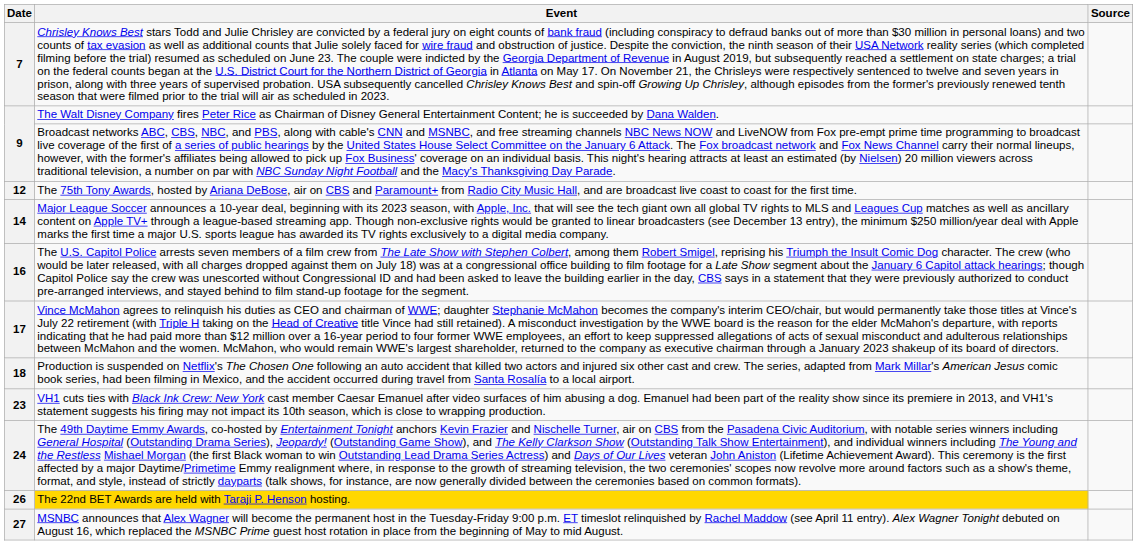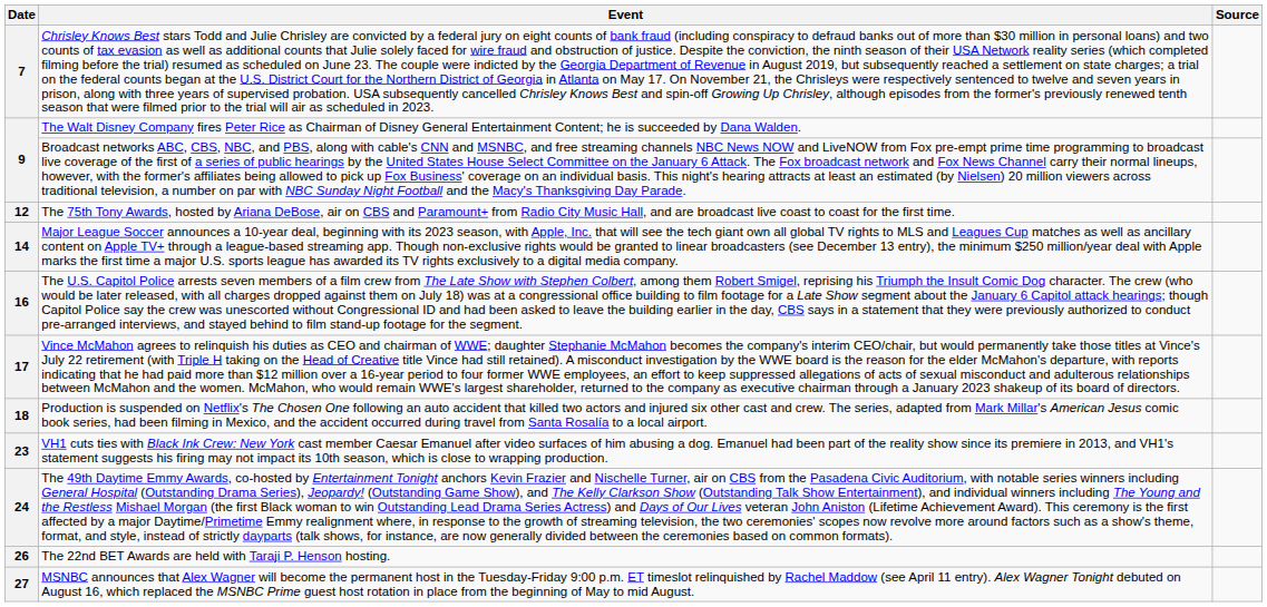 <table class=wikitable>
 <tr>
 <th>Date</th>
 <th>Event</th>
 <th>Source</th>
 </tr>
 <tr>
 <th>7</th>
 <td><em><a href='#'>Chrisley Knows Best</a></em> stars Todd and Julie Chrisley are convicted by a federal jury on eight counts of <a href='#'>bank fraud</a> (including conspiracy to defraud banks out of more than $30 million in personal loans) and two counts of <a href='#'>tax evasion</a> as well as additional counts that Julie solely faced for <a href='#'>wire fraud</a> and obstruction of justice. Despite the conviction, the ninth season of their <a href='#'>USA Network</a> reality series (which completed filming before the trial) resumed as scheduled on June 23. The couple were indicted by the <a href='#'>Georgia Department of Revenue</a> in August 2019, but subsequently reached a settlement on state charges; a trial on the federal counts began at the <a href='#'>U.S. District Court for the Northern District of Georgia</a> in <a href='#'>Atlanta</a> on May 17. On November 21, the Chrisleys were respectively sentenced to twelve and seven years in prison, along with three years of supervised probation. USA subsequently cancelled <em>Chrisley Knows Best</em> and spin-off <em>Growing Up Chrisley</em>, although episodes from the former's previously renewed tenth season that were filmed prior to the trial will air as scheduled in 2023.</td>
 <td><br></td>
 </tr>
 <tr>
 <th rowspan="2">9</th>
 <td><a href='#'>The Walt Disney Company</a> fires <a href='#'>Peter Rice</a> as Chairman of Disney General Entertainment Content; he is succeeded by <a href='#'>Dana Walden</a>.</td>
 <td></td>
 </tr>
 <tr>
 <td>Broadcast networks <a href='#'>ABC</a>, <a href='#'>CBS</a>, <a href='#'>NBC</a>, and <a href='#'>PBS</a>, along with cable's <a href='#'>CNN</a> and <a href='#'>MSNBC</a>, and free streaming channels <a href='#'>NBC News NOW</a> and LiveNOW from Fox pre-empt prime time programming to broadcast live coverage of the first of <a href='#'>a series of public hearings</a> by the <a href='#'>United States House Select Committee on the January 6 Attack</a>. The <a href='#'>Fox broadcast network</a> and <a href='#'>Fox News Channel</a> carry their normal lineups, however, with the former's affiliates being allowed to pick up <a href='#'>Fox Business</a>' coverage on an individual basis. This night's hearing attracts at least an estimated (by <a href='#'>Nielsen</a>) 20 million viewers across traditional television, a number on par with <em><a href='#'>NBC Sunday Night Football</a></em> and the <a href='#'>Macy's Thanksgiving Day Parade</a>.</td>
 <td></td>
 </tr>
 <tr>
 <th>12</th>
 <td>The <a href='#'>75th Tony Awards</a>, hosted by <a href='#'>Ariana DeBose</a>, air on <a href='#'>CBS</a> and <a href='#'>Paramount+</a> from <a href='#'>Radio City Music Hall</a>, and are broadcast live coast to coast for the first time.</td>
 <td></td>
 </tr>
 <tr>
 <th>14</th>
 <td><a href='#'>Major League Soccer</a> announces a 10-year deal, beginning with its 2023 season, with <a href='#'>Apple, Inc.</a> that will see the tech giant own all global TV rights to MLS and <a href='#'>Leagues Cup</a> matches as well as ancillary content on <a href='#'>Apple TV+</a> through a league-based streaming app. Though non-exclusive rights would be granted to linear broadcasters (see December 13 entry), the minimum $250 million/year deal with Apple marks the first time a major U.S. sports league has awarded its TV rights exclusively to a digital media company.</td>
 <td></td>
 </tr>
 <tr>
 <th>16</th>
 <td>The <a href='#'>U.S. Capitol Police</a> arrests seven members of a film crew from <em><a href='#'>The Late Show with Stephen Colbert</a></em>, among them <a href='#'>Robert Smigel</a>, reprising his <a href='#'>Triumph the Insult Comic Dog</a> character. The crew (who would be later released, with all charges dropped against them on July 18) was at a congressional office building to film footage for a <em>Late Show</em> segment about the <a href='#'>January 6 Capitol attack hearings</a>; though Capitol Police say the crew was unescorted without Congressional ID and had been asked to leave the building earlier in the day, <a href='#'>CBS</a> says in a statement that they were previously authorized to conduct pre-arranged interviews, and stayed behind to film stand-up footage for the segment.</td>
 <td><br></td>
 </tr>
 <tr>
 <th>17</th>
 <td><a href='#'>Vince McMahon</a> agrees to relinquish his duties as CEO and chairman of <a href='#'>WWE</a>; daughter <a href='#'>Stephanie McMahon</a> becomes the company's interim CEO/chair, but would permanently take those titles at Vince's July 22 retirement (with <a href='#'>Triple H</a> taking on the <a href='#'>Head of Creative</a> title Vince had still retained). A misconduct investigation by the WWE board is the reason for the elder McMahon's departure, with reports indicating that he had paid more than $12 million over a 16-year period to four former WWE employees, an effort to keep suppressed allegations of acts of sexual misconduct and adulterous relationships between McMahon and the women. McMahon, who would remain WWE's largest shareholder, returned to the company as executive chairman through a January 2023 shakeup of its board of directors.</td>
 <td><br><br></td>
 </tr>
 <tr>
 <th>18</th>
 <td>Production is suspended on <a href='#'>Netflix</a>'s <em>The Chosen One</em> following an auto accident that killed two actors and injured six other cast and crew. The series, adapted from <a href='#'>Mark Millar</a>'s <em>American Jesus</em> comic book series, had been filming in Mexico, and the accident occurred during travel from <a href='#'>Santa Rosalía</a> to a local airport.</td>
 <td></td>
 </tr>
 <tr>
 <th>23</th>
 <td><a href='#'>VH1</a> cuts ties with <em><a href='#'>Black Ink Crew: New York</a></em> cast member Caesar Emanuel after video surfaces of him abusing a dog. Emanuel had been part of the reality show since its premiere in 2013, and VH1's statement suggests his firing may not impact its 10th season, which is close to wrapping production.</td>
 <td></td>
 </tr>
 <tr>
 <th>24</th>
 <td>The <a href='#'>49th Daytime Emmy Awards</a>, co-hosted by <em><a href='#'>Entertainment Tonight</a></em> anchors <a href='#'>Kevin Frazier</a> and <a href='#'>Nischelle Turner</a>, air on <a href='#'>CBS</a> from the <a href='#'>Pasadena Civic Auditorium</a>, with notable series winners including <em><a href='#'>General Hospital</a></em> (<a href='#'>Outstanding Drama Series</a>), <em><a href='#'>Jeopardy!</a></em> (<a href='#'>Outstanding Game Show</a>), and <em><a href='#'>The Kelly Clarkson Show</a></em> (<a href='#'>Outstanding Talk Show Entertainment</a>), and individual winners including <em><a href='#'>The Young and the Restless</a></em> <a href='#'>Mishael Morgan</a> (the first Black woman to win <a href='#'>Outstanding Lead Drama Series Actress</a>) and <em><a href='#'>Days of Our Lives</a></em> veteran <a href='#'>John Aniston</a> (Lifetime Achievement Award). This ceremony is the first affected by a major Daytime/<a href='#'>Primetime</a> Emmy realignment where, in response to the growth of streaming television, the two ceremonies' scopes now revolve more around factors such as a show's theme, format, and style, instead of strictly <a href='#'>dayparts</a> (talk shows, for instance, are now generally divided between the ceremonies based on common formats).</td>
 <td><br></td>
 </tr>
 <tr>
 <th>26</th>
-<td style="background: gold;">The 22nd BET Awards are held with <a href='#'>Taraji P. Henson</a> hosting.</td>
+<td>The 22nd BET Awards are held with <a href='#'>Taraji P. Henson</a> hosting.</td>
 <td></td>
 </tr>
 <tr>
 <th>27</th>
 <td><a href='#'>MSNBC</a> announces that <a href='#'>Alex Wagner</a> will become the permanent host in the Tuesday-Friday 9:00 p.m. <a href='#'>ET</a> timeslot relinquished by <a href='#'>Rachel Maddow</a> (see April 11 entry). <em>Alex Wagner Tonight</em> debuted on August 16, which replaced the <em>MSNBC Prime</em> guest host rotation in place from the beginning of May to mid August.</td>
 <td></td>
 </tr>
 </table>
